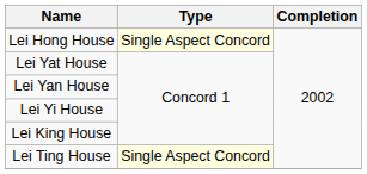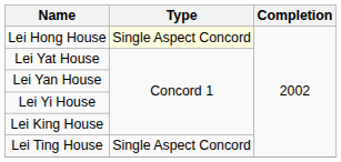 <table class="wikitable" style="text-align: center">
 <tr>
 <th>Name</th>
 <th>Type</th>
 <th>Completion</th>
 </tr>
 <tr>
 <td>Lei Hong House</td>
 <td style="background: lightyellow;">Single Aspect Concord</td>
 <td rowspan="6">2002</td>
 </tr>
 <tr>
 <td>Lei Yat House</td>
 <td rowspan="4">Concord 1</td>
 </tr>
 <tr>
 <td>Lei Yan House</td>
 </tr>
 <tr>
 <td>Lei Yi House</td>
 </tr>
 <tr>
 <td>Lei King House</td>
 </tr>
 <tr>
 <td>Lei Ting House</td>
-<td style="background: lightyellow;">Single Aspect Concord</td>
+<td>Single Aspect Concord</td>
 </tr>
 <tr>
 </tr>
 </table>
